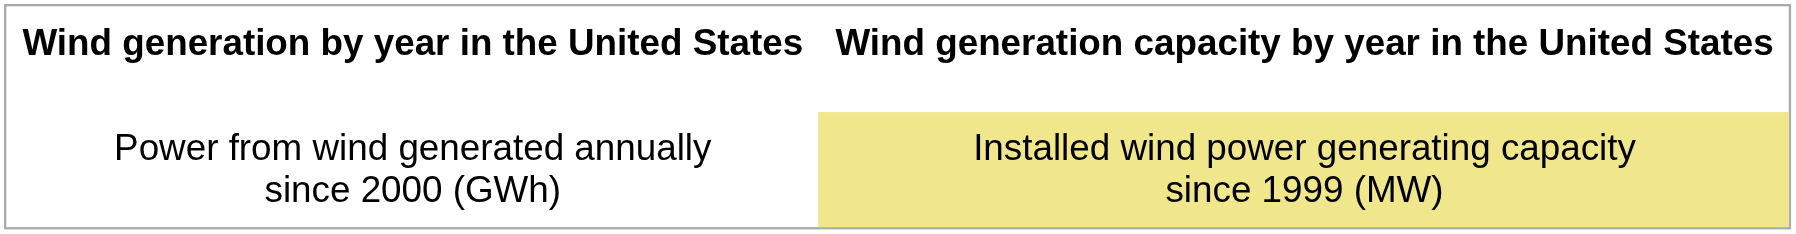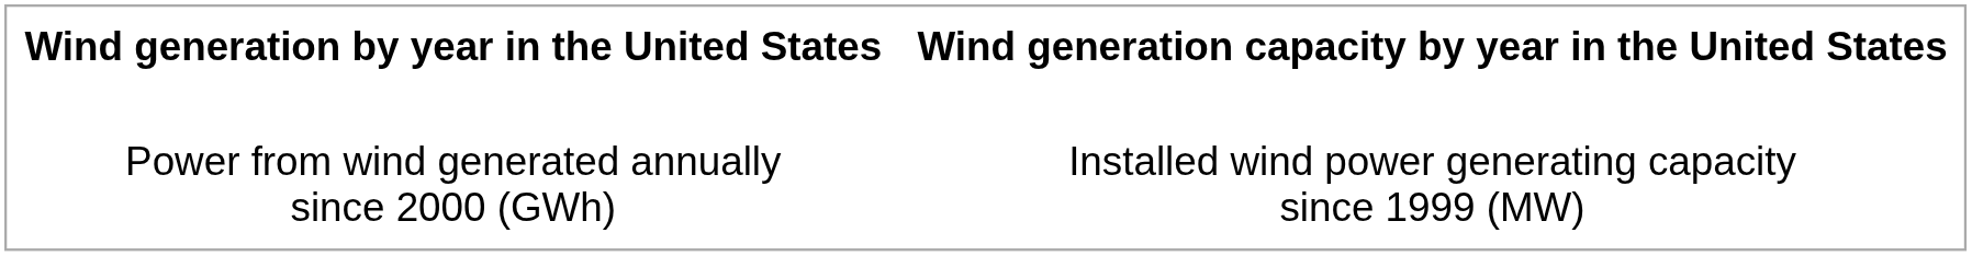 <table style="border:solid 1px #aaa; margin-right:1em" cellpadding="7" cellspacing="0" class="floatleft">
 <tr>
 <th>Wind generation by year in the United States</th>
 <th>Wind generation capacity by year in the United States</th>
 </tr>
 <tr>
 <td></td>
 <td></td>
 </tr>
 <tr>
 <td style="text-align:center;">Power from wind generated annually <br>since 2000 (GWh)</td>
-<td style="background: khaki; text-align:center;">Installed wind power generating capacity<br> since 1999 (MW)</td>
+<td style="text-align:center;">Installed wind power generating capacity<br> since 1999 (MW)</td>
 </tr>
 </table>
